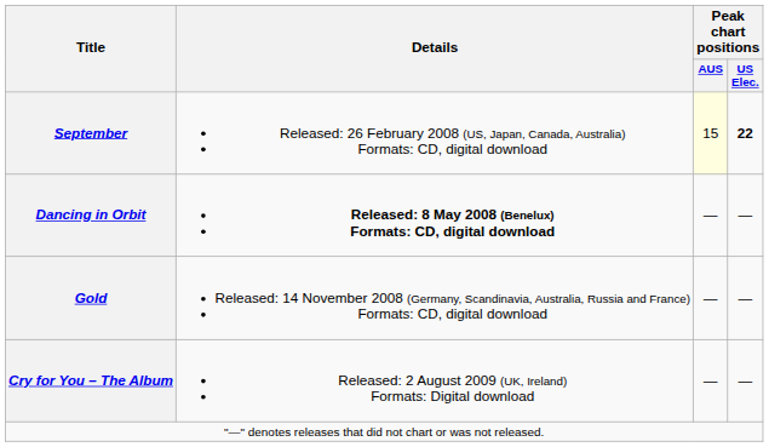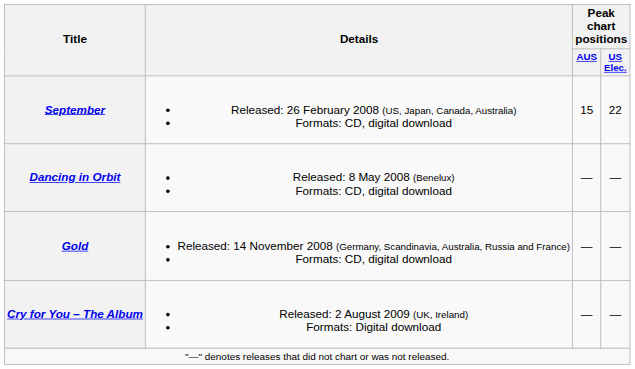 <table class="wikitable plainrowheaders" style="text-align:center;">
 <tr>
 <th rowspan="2">Title</th>
 <th rowspan="2">Details</th>
 <th colspan="2">Peak chart positions</th>
 </tr>
 <tr style="font-size:smaller">
 <th style="width:30px;"><a href='#'>AUS<br></a><br></th>
 <th style="width:30px;"><a href='#'>US<br>Elec.</a><br></th>
 </tr>
 <tr>
 <th scope="row"><em><a href='#'>September</a></em></th>
 <td><br><ul><li>Released: 26 February 2008 <small>(US, Japan, Canada, Australia)</small></li><li>Formats: CD, digital download</li></ul></td>
-<td style="background: lightyellow;">15</td>
-<td><strong>22</strong></td>
+<td>15</td>
+<td>22</td>
 </tr>
 <tr>
 <th scope="row"><em><a href='#'>Dancing in Orbit</a></em></th>
-<td><strong><br><ul><li>Released: 8 May 2008 <small>(Benelux)</small></li><li>Formats: CD, digital download</li></ul></strong></td>
+<td><br><ul><li>Released: 8 May 2008 <small>(Benelux)</small></li><li>Formats: CD, digital download</li></ul></td>
 <td>—</td>
 <td>—</td>
 </tr>
 <tr>
 <th scope="row"><em><a href='#'>Gold</a></em></th>
 <td><br><ul><li>Released: 14 November 2008 <small>(Germany, Scandinavia, Australia, Russia and France)</small></li><li>Formats: CD, digital download</li></ul></td>
 <td>—</td>
 <td>—</td>
 </tr>
 <tr>
 <th scope="row"><em><a href='#'>Cry for You – The Album</a></em></th>
 <td><br><ul><li>Released: 2 August 2009 <small>(UK, Ireland)</small></li><li>Formats: Digital download</li></ul></td>
 <td>—</td>
 <td>—</td>
 </tr>
 <tr>
 <td colspan="20" style="font-size:85%">"—" denotes releases that did not chart or was not released.</td>
 </tr>
 </table>
